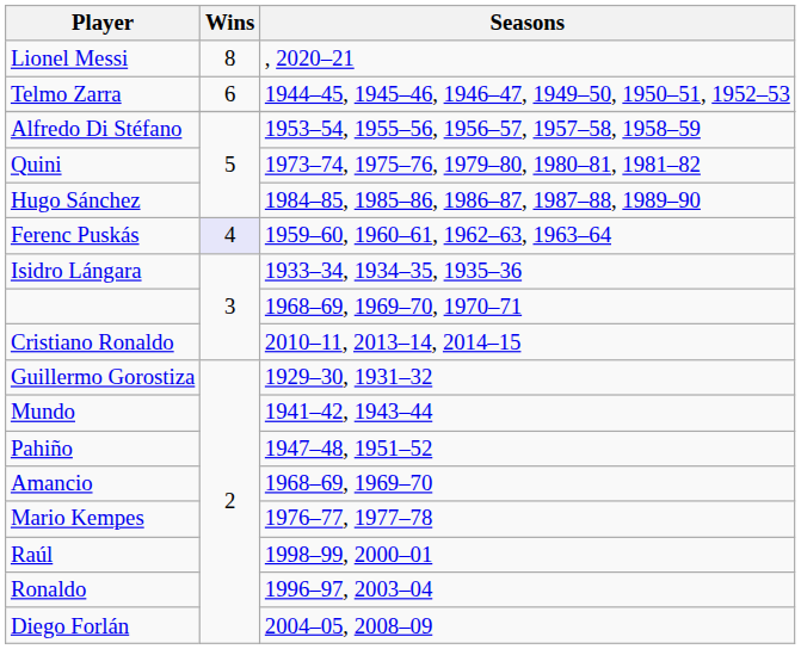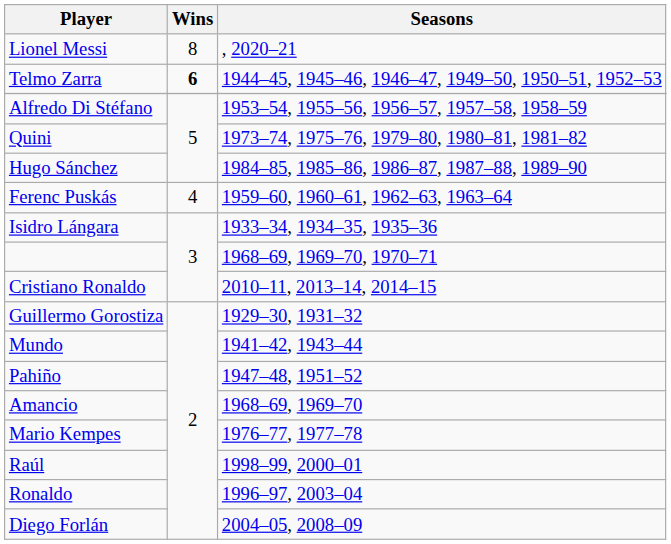 <table class="wikitable">
 <tr>
 <th>Player</th>
 <th>Wins</th>
 <th>Seasons</th>
 </tr>
 <tr>
 <td> <a href='#'>Lionel Messi</a></td>
 <td align="center">8</td>
 <td>, <a href='#'>2020–21</a></td>
 </tr>
 <tr>
 <td> <a href='#'>Telmo Zarra</a></td>
-<td align="center">6</td>
+<td align="center"><strong>6</strong></td>
 <td><a href='#'>1944–45</a>, <a href='#'>1945–46</a>, <a href='#'>1946–47</a>, <a href='#'>1949–50</a>, <a href='#'>1950–51</a>, <a href='#'>1952–53</a></td>
 </tr>
 <tr>
 </tr>
 <tr>
 <td> <a href='#'>Alfredo Di Stéfano</a></td>
 <td rowspan="3" align="center">5</td>
 <td><a href='#'>1953–54</a>, <a href='#'>1955–56</a>, <a href='#'>1956–57</a>, <a href='#'>1957–58</a>, <a href='#'>1958–59</a></td>
 </tr>
 <tr>
 <td> <a href='#'>Quini</a></td>
 <td><a href='#'>1973–74</a>, <a href='#'>1975–76</a>, <a href='#'>1979–80</a>, <a href='#'>1980–81</a>, <a href='#'>1981–82</a></td>
 </tr>
 <tr>
 <td> <a href='#'>Hugo Sánchez</a></td>
 <td><a href='#'>1984–85</a>, <a href='#'>1985–86</a>, <a href='#'>1986–87</a>, <a href='#'>1987–88</a>, <a href='#'>1989–90</a></td>
 </tr>
 <tr>
 <td> <a href='#'>Ferenc Puskás</a></td>
-<td align="center" style="background: lavender;">4</td>
+<td align="center">4</td>
 <td><a href='#'>1959–60</a>, <a href='#'>1960–61</a>, <a href='#'>1962–63</a>, <a href='#'>1963–64</a></td>
 </tr>
 <tr>
 <td> <a href='#'>Isidro Lángara</a></td>
 <td rowspan="3" align="center">3</td>
 <td><a href='#'>1933–34</a>, <a href='#'>1934–35</a>, <a href='#'>1935–36</a></td>
 </tr>
 <tr>
 <td></td>
 <td><a href='#'>1968–69</a>, <a href='#'>1969–70</a>, <a href='#'>1970–71</a></td>
 </tr>
 <tr>
 <td> <a href='#'>Cristiano Ronaldo</a></td>
 <td><a href='#'>2010–11</a>, <a href='#'>2013–14</a>, <a href='#'>2014–15</a></td>
 </tr>
 <tr>
 <td> <a href='#'>Guillermo Gorostiza</a></td>
 <td rowspan="8" align="center">2</td>
 <td><a href='#'>1929–30</a>, <a href='#'>1931–32</a></td>
 </tr>
 <tr>
 <td> <a href='#'>Mundo</a></td>
 <td><a href='#'>1941–42</a>, <a href='#'>1943–44</a></td>
 </tr>
 <tr>
 <td> <a href='#'>Pahiño</a></td>
 <td><a href='#'>1947–48</a>, <a href='#'>1951–52</a></td>
 </tr>
 <tr>
 <td> <a href='#'>Amancio</a></td>
 <td><a href='#'>1968–69</a>, <a href='#'>1969–70</a></td>
 </tr>
 <tr>
 <td> <a href='#'>Mario Kempes</a></td>
 <td><a href='#'>1976–77</a>, <a href='#'>1977–78</a></td>
 </tr>
 <tr>
 <td> <a href='#'>Raúl</a></td>
 <td><a href='#'>1998–99</a>, <a href='#'>2000–01</a></td>
 </tr>
 <tr>
 <td> <a href='#'>Ronaldo</a></td>
 <td><a href='#'>1996–97</a>, <a href='#'>2003–04</a></td>
 </tr>
 <tr>
 <td> <a href='#'>Diego Forlán</a></td>
 <td><a href='#'>2004–05</a>, <a href='#'>2008–09</a></td>
 </tr>
 </table>
